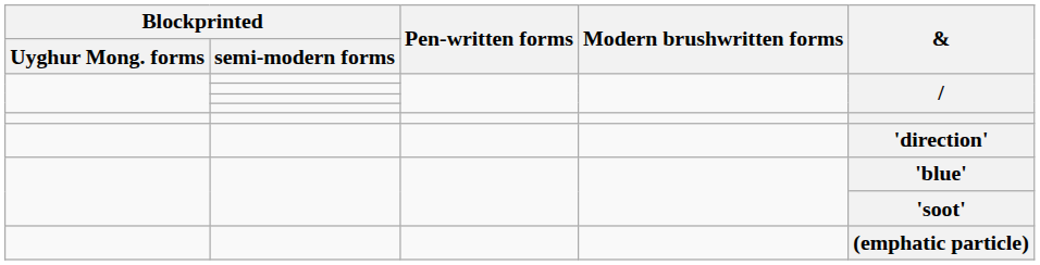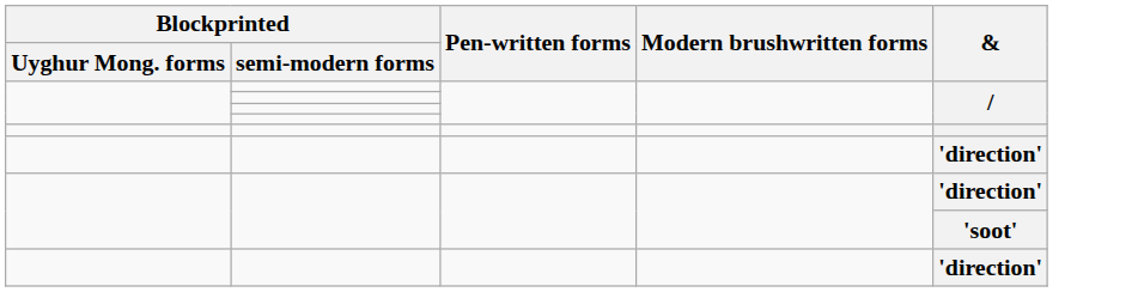 <table class="wikitable" style="text-align: center">
 <tr>
 <th colspan="2">Blockprinted</th>
 <th rowspan="2">Pen-written forms</th>
 <th rowspan="2">Modern brushwritten forms</th>
 <th rowspan="2"><em></em> & </th>
 </tr>
 <tr>
 <th>Uyghur Mong. forms</th>
 <th>semi-modern forms</th>
 </tr>
 <tr>
 <td rowspan="4"></td>
 <td></td>
 <td rowspan="4"></td>
 <td rowspan="4"></td>
 <th rowspan="4"><em></em>/<em></em></th>
 </tr>
 <tr>
 <td></td>
 </tr>
 <tr>
 <td></td>
 </tr>
 <tr>
 <td></td>
 </tr>
 <tr>
 <td></td>
 <td></td>
 <td></td>
 <td></td>
 <th><em></em></th>
 </tr>
 <tr>
 <td></td>
 <td></td>
 <td></td>
 <td></td>
 <th><em></em> 'direction'</th>
 </tr>
 <tr>
 <td rowspan="2"></td>
 <td rowspan="2"></td>
 <td rowspan="2"></td>
 <td rowspan="2"></td>
-<th><em></em> 'blue'</th>
+<th><em></em> 'direction'</th>
 </tr>
 <tr>
 <th><em></em> 'soot'</th>
 </tr>
 <tr>
 <td></td>
 <td></td>
 <td></td>
 <td></td>
-<th><em></em> (emphatic particle)</th>
+<th><em></em> 'direction'</th>
 </tr>
 </table>
